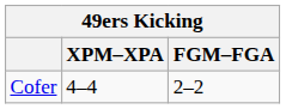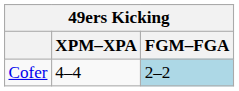 <table class="wikitable">
 <tr>
 <th colspan="3">49ers Kicking</th>
 </tr>
 <tr>
 <th></th>
 <th>XPM–XPA</th>
 <th>FGM–FGA</th>
 </tr>
 <tr>
 <td><a href='#'>Cofer</a></td>
 <td>4–4</td>
-<td>2–2</td>
+<td style="background: lightblue;">2–2</td>
 </tr>
 </table>
